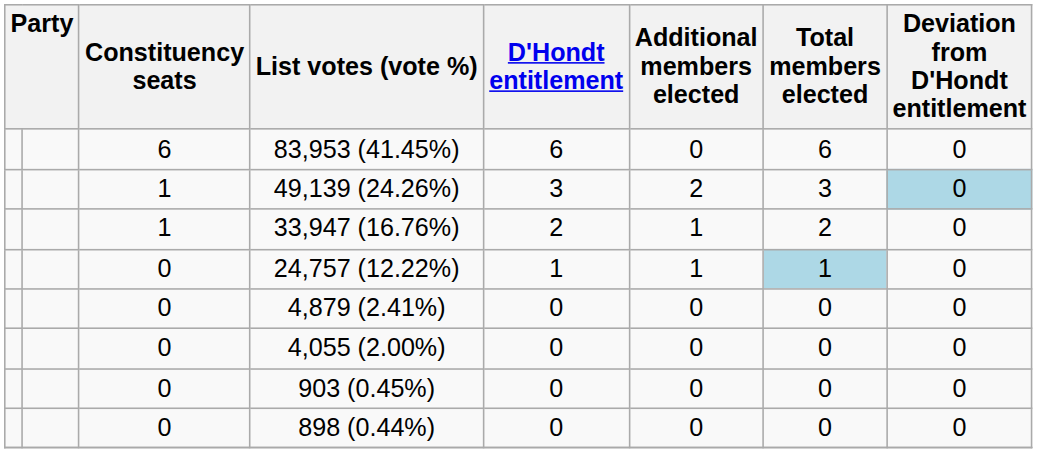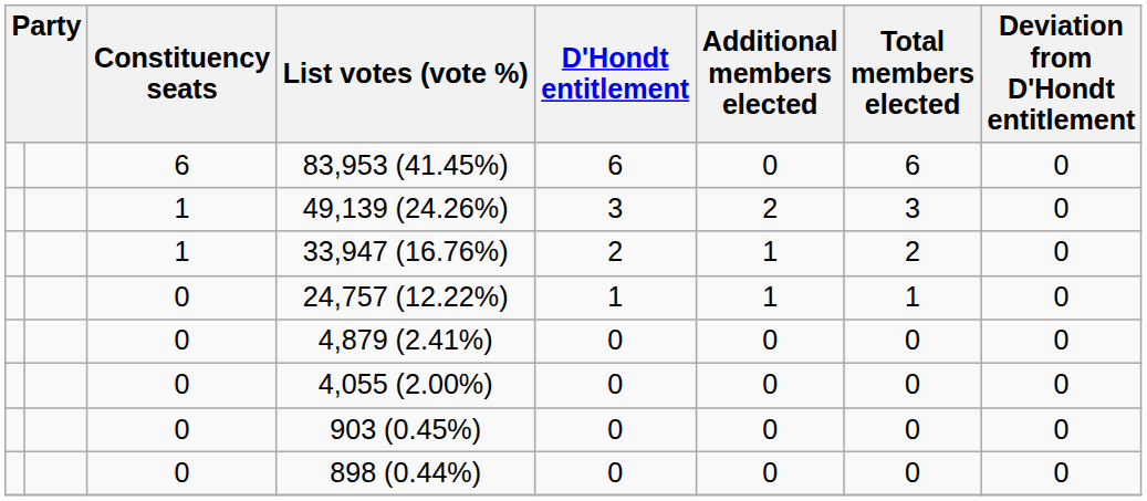 <table class="wikitable" style="text-align:center">
 <tr>
 <th colspan="2" rowspan="1" align="center" valign="top">Party</th>
 <th>Constituency<br>seats</th>
 <th>List votes  (vote %)</th>
 <th><a href='#'>D'Hondt<br>entitlement</a></th>
 <th>Additional<br>members<br>elected</th>
 <th>Total<br>members<br>elected</th>
 <th>Deviation<br>from<br>D'Hondt<br>entitlement</th>
 </tr>
 <tr>
 <td style="width: 4px" bgcolor=></td>
 <td style="text-align: left;" scope="row"><strong><a href='#'></a></strong></td>
 <td>6</td>
 <td>83,953 (41.45%)</td>
 <td>6</td>
 <td>0</td>
 <td>6</td>
 <td>0</td>
 </tr>
 <tr>
 <td style="width: 4px" bgcolor=></td>
 <td style="text-align: left;" scope="row"><strong><a href='#'></a></strong></td>
 <td>1</td>
 <td>49,139 (24.26%)</td>
 <td>3</td>
 <td>2</td>
 <td>3</td>
-<td style="background: lightblue;">0</td>
+<td>0</td>
 </tr>
 <tr>
 <td style="width: 4px"></td>
 <td style="text-align: left;" scope="row"><strong><a href='#'></a></strong></td>
 <td>1</td>
 <td>33,947 (16.76%)</td>
 <td>2</td>
 <td>1</td>
 <td>2</td>
 <td>0</td>
 </tr>
 <tr>
 <td style="width: 4px"></td>
 <td style="text-align: left;" scope="row"><strong><a href='#'></a></strong></td>
 <td>0</td>
 <td>24,757 (12.22%)</td>
 <td>1</td>
 <td>1</td>
-<td style="background: lightblue;">1</td>
+<td>1</td>
 <td>0</td>
 </tr>
 <tr>
 <td style="width: 4px"></td>
 <td style="text-align: left;" scope="row"><strong><a href='#'></a></strong></td>
 <td>0</td>
 <td>4,879 (2.41%)</td>
 <td>0</td>
 <td>0</td>
 <td>0</td>
 <td>0</td>
 </tr>
 <tr>
 <td style="width: 4px"></td>
 <td style="text-align: left;" scope="row"><strong><a href='#'></a></strong></td>
 <td>0</td>
 <td>4,055 (2.00%)</td>
 <td>0</td>
 <td>0</td>
 <td>0</td>
 <td>0</td>
 </tr>
 <tr>
 <td style="width: 4px" bgcolor=></td>
 <td style="text-align: left;" scope="row"><strong><a href='#'></a></strong></td>
 <td>0</td>
 <td>903 (0.45%)</td>
 <td>0</td>
 <td>0</td>
 <td>0</td>
 <td>0</td>
 </tr>
 <tr>
 <td style="width: 4px" bgcolor=></td>
 <td style="text-align: left;" scope="row"><strong><a href='#'></a></strong></td>
 <td>0</td>
 <td>898 (0.44%)</td>
 <td>0</td>
 <td>0</td>
 <td>0</td>
 <td>0</td>
 </tr>
 <tr>
 </tr>
 </table>
